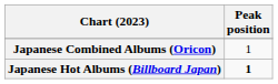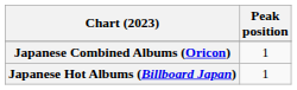 <table class="wikitable sortable plainrowheaders" style="text-align:center">
 <tr>
 <th scope="col">Chart (2023)</th>
 <th scope="col">Peak<br>position</th>
 </tr>
 <tr>
 </tr>
 <tr>
 <th scope="row">Japanese Combined Albums (<a href='#'>Oricon</a>)</th>
 <td>1</td>
 </tr>
 <tr>
 <th scope="row">Japanese Hot Albums (<em><a href='#'>Billboard Japan</a></em>)</th>
-<td><strong>1</strong></td>
+<td>1</td>
 </tr>
 </table>
